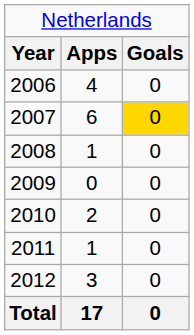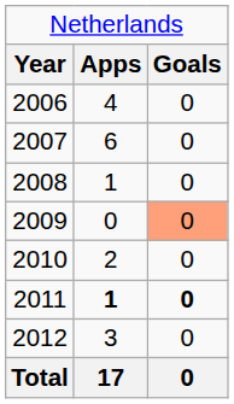 <table class="wikitable" style="text-align:center">
 <tr>
 <td colspan="3"><a href='#'>Netherlands</a></td>
 </tr>
 <tr>
 <th>Year</th>
 <th>Apps</th>
 <th>Goals</th>
 </tr>
 <tr>
 <td>2006</td>
 <td>4</td>
 <td>0</td>
 </tr>
 <tr>
 <td>2007</td>
 <td>6</td>
-<td style="background: gold;">0</td>
+<td>0</td>
 </tr>
 <tr>
 <td>2008</td>
 <td>1</td>
 <td>0</td>
 </tr>
 <tr>
 <td>2009</td>
 <td>0</td>
-<td>0</td>
+<td style="background: lightsalmon;">0</td>
 </tr>
 <tr>
 <td>2010</td>
 <td>2</td>
 <td>0</td>
 </tr>
 <tr>
 <td>2011</td>
-<td>1</td>
-<td>0</td>
+<td><strong>1</strong></td>
+<td><strong>0</strong></td>
 </tr>
 <tr>
 <td>2012</td>
 <td>3</td>
 <td>0</td>
 </tr>
 <tr>
 <th>Total</th>
 <th>17</th>
 <th>0</th>
 </tr>
 </table>
